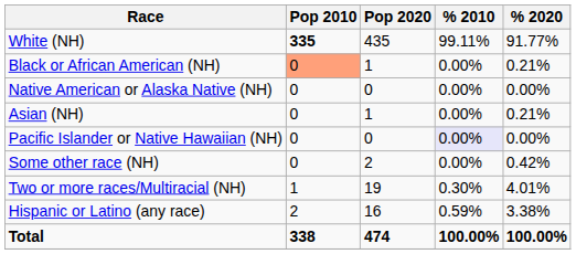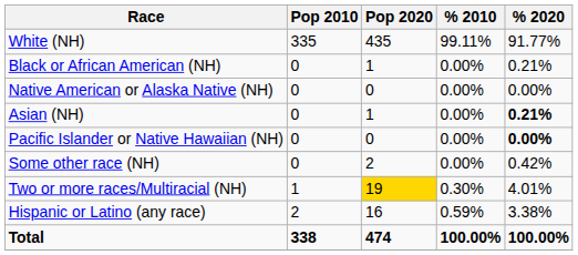 <table class="wikitable">
 <tr>
 <th>Race</th>
 <th>Pop 2010</th>
 <th>Pop 2020</th>
 <th>% 2010</th>
 <th>% 2020</th>
 </tr>
 <tr>
 <td><a href='#'>White</a> (NH)</td>
-<td><strong>335</strong></td>
+<td>335</td>
 <td>435</td>
 <td>99.11%</td>
 <td>91.77%</td>
 </tr>
 <tr>
 <td><a href='#'>Black or African American</a> (NH)</td>
-<td style="background: lightsalmon;">0</td>
+<td>0</td>
 <td>1</td>
 <td>0.00%</td>
 <td>0.21%</td>
 </tr>
 <tr>
 <td><a href='#'>Native American</a> or <a href='#'>Alaska Native</a> (NH)</td>
 <td>0</td>
 <td>0</td>
 <td>0.00%</td>
 <td>0.00%</td>
 </tr>
 <tr>
 <td><a href='#'>Asian</a> (NH)</td>
 <td>0</td>
 <td>1</td>
 <td>0.00%</td>
-<td>0.21%</td>
+<td><strong>0.21%</strong></td>
 </tr>
 <tr>
 <td><a href='#'>Pacific Islander</a> or <a href='#'>Native Hawaiian</a> (NH)</td>
 <td>0</td>
 <td>0</td>
-<td style="background: lavender;">0.00%</td>
 <td>0.00%</td>
+<td><strong>0.00%</strong></td>
 </tr>
 <tr>
 <td><a href='#'>Some other race</a> (NH)</td>
 <td>0</td>
 <td>2</td>
 <td>0.00%</td>
 <td>0.42%</td>
 </tr>
 <tr>
 <td><a href='#'>Two or more races/Multiracial</a> (NH)</td>
 <td>1</td>
-<td>19</td>
+<td style="background: gold;">19</td>
 <td>0.30%</td>
 <td>4.01%</td>
 </tr>
 <tr>
 <td><a href='#'>Hispanic or Latino</a> (any race)</td>
 <td>2</td>
 <td>16</td>
 <td>0.59%</td>
 <td>3.38%</td>
 </tr>
 <tr>
 <td><strong>Total</strong></td>
 <td><strong>338</strong></td>
 <td><strong>474</strong></td>
 <td><strong>100.00%</strong></td>
 <td><strong>100.00%</strong></td>
 </tr>
 <tr>
 </tr>
 </table>
